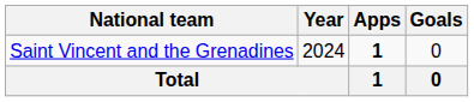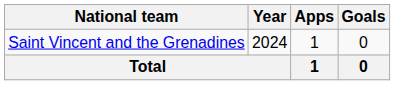 <table class="wikitable" style="text-align:center">
 <tr>
 <th>National team</th>
 <th>Year</th>
 <th>Apps</th>
 <th>Goals</th>
 </tr>
 <tr>
 <td rowspan="1"><a href='#'>Saint Vincent and the Grenadines</a></td>
 <td>2024</td>
-<td><strong>1</strong></td>
+<td>1</td>
 <td>0</td>
 </tr>
 <tr>
 <th colspan=2>Total</th>
 <th>1</th>
 <th>0</th>
 </tr>
 </table>
